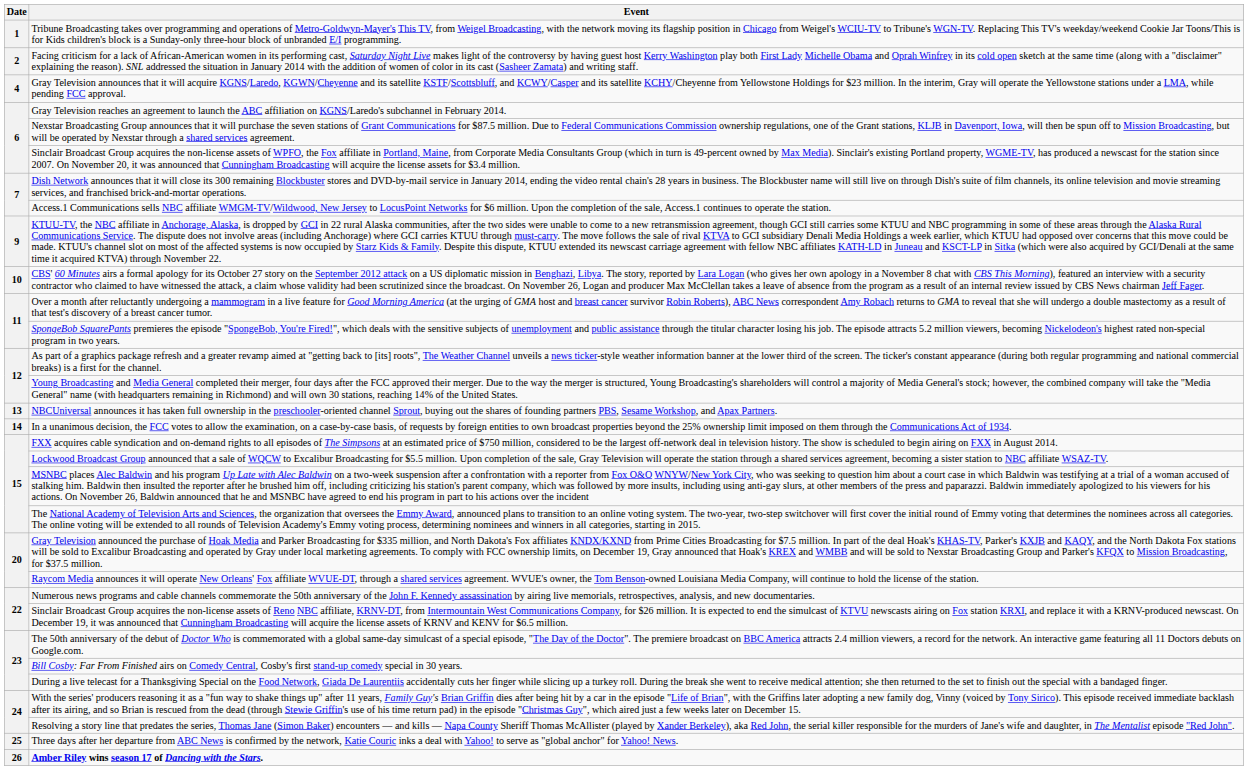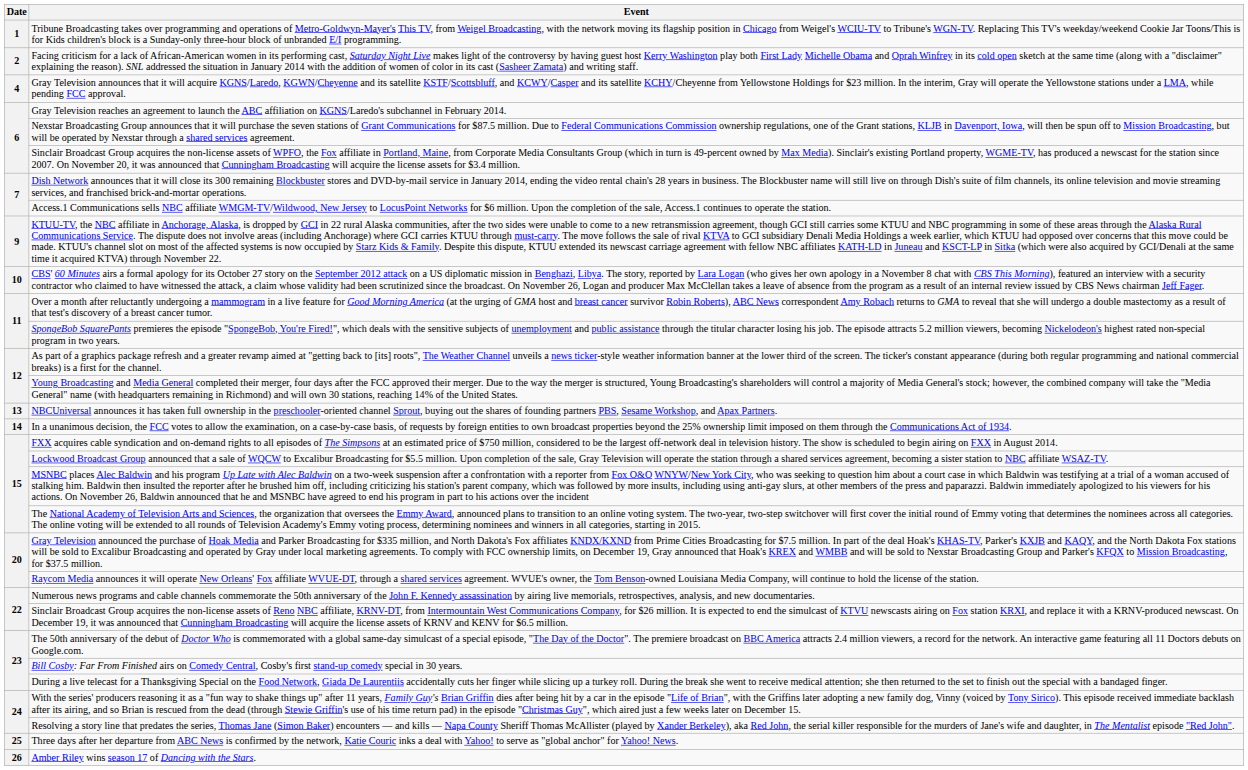 <table class="wikitable">
 <tr>
 <th>Date</th>
 <th>Event</th>
 </tr>
 <tr>
 <th>1</th>
 <td>Tribune Broadcasting takes over programming and operations of <a href='#'>Metro-Goldwyn-Mayer's</a> <a href='#'>This TV</a>, from <a href='#'>Weigel Broadcasting</a>, with the network moving its flagship position in <a href='#'>Chicago</a> from Weigel's <a href='#'>WCIU-TV</a> to Tribune's <a href='#'>WGN-TV</a>. Replacing This TV's weekday/weekend Cookie Jar Toons/This is for Kids children's block is a Sunday-only three-hour block of unbranded <a href='#'>E/I</a> programming.</td>
 </tr>
 <tr>
 <th>2</th>
 <td>Facing criticism for a lack of African-American women in its performing cast, <em><a href='#'>Saturday Night Live</a></em> makes light of the controversy by having guest host <a href='#'>Kerry Washington</a> play both <a href='#'>First Lady</a> <a href='#'>Michelle Obama</a> and <a href='#'>Oprah Winfrey</a> in its <a href='#'>cold open</a> sketch at the same time (along with a "disclaimer" explaining the reason). <em>SNL</em> addressed the situation in January 2014 with the addition of women of color in its cast (<a href='#'>Sasheer Zamata</a>) and writing staff.</td>
 </tr>
 <tr>
 <th>4</th>
 <td>Gray Television announces that it will acquire <a href='#'>KGNS</a>/<a href='#'>Laredo</a>, <a href='#'>KGWN</a>/<a href='#'>Cheyenne</a> and its satellite <a href='#'>KSTF</a>/<a href='#'>Scottsbluff</a>, and <a href='#'>KCWY</a>/<a href='#'>Casper</a> and its satellite <a href='#'>KCHY</a>/Cheyenne from Yellowstone Holdings for $23 million. In the interim, Gray will operate the Yellowstone stations under a <a href='#'>LMA</a>, while pending <a href='#'>FCC</a> approval.</td>
 </tr>
 <tr>
 <th rowspan=3>6</th>
 <td>Gray Television reaches an agreement to launch the <a href='#'>ABC</a> affiliation on <a href='#'>KGNS</a>/Laredo's subchannel in February 2014.</td>
 </tr>
 <tr>
 <td>Nexstar Broadcasting Group announces that it will purchase the seven stations of <a href='#'>Grant Communications</a> for $87.5 million. Due to <a href='#'>Federal Communications Commission</a> ownership regulations, one of the Grant stations, <a href='#'>KLJB</a> in <a href='#'>Davenport, Iowa</a>, will then be spun off to <a href='#'>Mission Broadcasting</a>, but will be operated by Nexstar through a <a href='#'>shared services</a> agreement.</td>
 </tr>
 <tr>
 <td>Sinclair Broadcast Group acquires the non-license assets of <a href='#'>WPFO</a>, the <a href='#'>Fox</a> affiliate in <a href='#'>Portland, Maine</a>, from Corporate Media Consultants Group (which in turn is 49-percent owned by <a href='#'>Max Media</a>). Sinclair's existing Portland property, <a href='#'>WGME-TV</a>, has produced a newscast for the station since 2007. On November 20, it was announced that <a href='#'>Cunningham Broadcasting</a> will acquire the license assets for $3.4 million.</td>
 </tr>
 <tr>
 <th rowspan=2>7</th>
 <td><a href='#'>Dish Network</a> announces that it will close its 300 remaining <a href='#'>Blockbuster</a> stores and DVD-by-mail service in January 2014, ending the video rental chain's 28 years in business. The Blockbuster name will still live on through Dish's suite of film channels, its online television and movie streaming services, and franchised brick-and-mortar operations.</td>
 </tr>
 <tr>
 <td>Access.1 Communications sells <a href='#'>NBC</a> affiliate <a href='#'>WMGM-TV</a>/<a href='#'>Wildwood, New Jersey</a> to <a href='#'>LocusPoint Networks</a> for $6 million. Upon the completion of the sale, Access.1 continues to operate the station.</td>
 </tr>
 <tr>
 <th>9</th>
 <td><a href='#'>KTUU-TV</a>, the <a href='#'>NBC</a> affiliate in <a href='#'>Anchorage, Alaska</a>, is dropped by <a href='#'>GCI</a> in 22 rural Alaska communities, after the two sides were unable to come to a new retransmission agreement, though GCI still carries some KTUU and NBC programming in some of these areas through the <a href='#'>Alaska Rural Communications Service</a>. The dispute does not involve areas (including Anchorage) where GCI carries KTUU through <a href='#'>must-carry</a>. The move follows the sale of rival <a href='#'>KTVA</a> to GCI subsidiary Denali Media Holdings a week earlier, which KTUU had opposed over concerns that this move could be made. KTUU's channel slot on most of the affected systems is now occupied by <a href='#'>Starz Kids & Family</a>. Despite this dispute, KTUU extended its newscast carriage agreement with fellow NBC affiliates <a href='#'>KATH-LD</a> in <a href='#'>Juneau</a> and <a href='#'>KSCT-LP</a> in <a href='#'>Sitka</a> (which were also acquired by GCI/Denali at the same time it acquired KTVA) through November 22.</td>
 </tr>
 <tr>
 <th>10</th>
 <td><a href='#'>CBS</a>' <em><a href='#'>60 Minutes</a></em> airs a formal apology for its October 27 story on the <a href='#'>September 2012 attack</a> on a US diplomatic mission in <a href='#'>Benghazi</a>, <a href='#'>Libya</a>. The story, reported by <a href='#'>Lara Logan</a> (who gives her own apology in a November 8 chat with <em><a href='#'>CBS This Morning</a></em>), featured an interview with a security contractor who claimed to have witnessed the attack, a claim whose validity had been scrutinized since the broadcast. On November 26, Logan and producer Max McClellan takes a leave of absence from the program as a result of an internal review issued by CBS News chairman <a href='#'>Jeff Fager</a>.</td>
 </tr>
 <tr>
 <th rowspan=2>11</th>
 <td>Over a month after reluctantly undergoing a <a href='#'>mammogram</a> in a live feature for <em><a href='#'>Good Morning America</a></em> (at the urging of <em>GMA</em> host and <a href='#'>breast cancer</a> survivor <a href='#'>Robin Roberts</a>), <a href='#'>ABC News</a> correspondent <a href='#'>Amy Robach</a> returns to <em>GMA</em> to reveal that she will undergo a double mastectomy as a result of that test's discovery of a breast cancer tumor.</td>
 </tr>
 <tr>
 <td><em><a href='#'>SpongeBob SquarePants</a></em> premieres the episode "<a href='#'>SpongeBob, You're Fired!</a>", which deals with the sensitive subjects of <a href='#'>unemployment</a> and <a href='#'>public assistance</a> through the titular character losing his job. The episode attracts 5.2 million viewers, becoming <a href='#'>Nickelodeon's</a> highest rated non-special program in two years.</td>
 </tr>
 <tr>
 <th rowspan=2>12</th>
 <td>As part of a graphics package refresh and a greater revamp aimed at "getting back to [its] roots", <a href='#'>The Weather Channel</a> unveils a <a href='#'>news ticker</a>-style weather information banner at the lower third of the screen. The ticker's constant appearance (during both regular programming and national commercial breaks) is a first for the channel.</td>
 </tr>
 <tr>
 <td><a href='#'>Young Broadcasting</a> and <a href='#'>Media General</a> completed their merger, four days after the FCC approved their merger. Due to the way the merger is structured, Young Broadcasting's shareholders will control a majority of Media General's stock; however, the combined company will take the "Media General" name (with headquarters remaining in Richmond) and will own 30 stations, reaching 14% of the United States.</td>
 </tr>
 <tr>
 <th>13</th>
 <td><a href='#'>NBCUniversal</a> announces it has taken full ownership in the <a href='#'>preschooler</a>-oriented channel <a href='#'>Sprout</a>, buying out the shares of founding partners <a href='#'>PBS</a>, <a href='#'>Sesame Workshop</a>, and <a href='#'>Apax Partners</a>.</td>
 </tr>
 <tr>
 <th>14</th>
 <td>In a unanimous decision, the <a href='#'>FCC</a> votes to allow the examination, on a case-by-case basis, of requests by foreign entities to own broadcast properties beyond the 25% ownership limit imposed on them through the <a href='#'>Communications Act of 1934</a>.</td>
 </tr>
 <tr>
 <th rowspan="4">15</th>
 <td><a href='#'>FXX</a> acquires cable syndication and on-demand rights to all episodes of <em><a href='#'>The Simpsons</a></em> at an estimated price of $750 million, considered to be the largest off-network deal in television history. The show is scheduled to begin airing on <a href='#'>FXX</a> in August 2014.</td>
 </tr>
 <tr>
 <td><a href='#'>Lockwood Broadcast Group</a> announced that a sale of <a href='#'>WQCW</a> to Excalibur Broadcasting for $5.5 million. Upon completion of the sale, Gray Television will operate the station through a shared services agreement, becoming a sister station to <a href='#'>NBC</a> affiliate <a href='#'>WSAZ-TV</a>.</td>
 </tr>
 <tr>
 <td><a href='#'>MSNBC</a> places <a href='#'>Alec Baldwin</a> and his program <em><a href='#'>Up Late with Alec Baldwin</a></em> on a two-week suspension after a confrontation with a reporter from <a href='#'>Fox O&O</a> <a href='#'>WNYW</a>/<a href='#'>New York City</a>, who was seeking to question him about a court case in which Baldwin was testifying at a trial of a woman accused of stalking him. Baldwin then insulted the reporter after he brushed him off, including criticizing his station's parent company, which was followed by more insults, including using anti-gay slurs, at other members of the press and paparazzi. Baldwin immediately apologized to his viewers for his actions. On November 26, Baldwin announced that he and MSNBC have agreed to end his program in part to his actions over the incident</td>
 </tr>
 <tr>
 <td>The <a href='#'>National Academy of Television Arts and Sciences</a>, the organization that oversees the <a href='#'>Emmy Award</a>, announced plans to transition to an online voting system. The two-year, two-step switchover will first cover the initial round of Emmy voting that determines the nominees across all categories. The online voting will be extended to all rounds of Television Academy's Emmy voting process, determining nominees and winners in all categories, starting in 2015.</td>
 </tr>
 <tr>
 <th rowspan="2">20</th>
 <td><a href='#'>Gray Television</a> announced the purchase of <a href='#'>Hoak Media</a> and Parker Broadcasting for $335 million, and North Dakota's Fox affiliates <a href='#'>KNDX/KXND</a> from Prime Cities Broadcasting for $7.5 million. In part of the deal Hoak's <a href='#'>KHAS-TV</a>, Parker's <a href='#'>KXJB</a> and <a href='#'>KAQY</a>, and the North Dakota Fox stations will be sold to Excalibur Broadcasting and operated by Gray under local marketing agreements. To comply with FCC ownership limits, on December 19, Gray announced that Hoak's <a href='#'>KREX</a> and <a href='#'>WMBB</a> and will be sold to Nexstar Broadcasting Group and Parker's <a href='#'>KFQX</a> to <a href='#'>Mission Broadcasting</a>, for $37.5 million.</td>
 </tr>
 <tr>
 <td><a href='#'>Raycom Media</a> announces it will operate <a href='#'>New Orleans</a>' <a href='#'>Fox</a> affiliate <a href='#'>WVUE-DT</a>, through a <a href='#'>shared services</a> agreement. WVUE's owner, the <a href='#'>Tom Benson</a>-owned Louisiana Media Company, will continue to hold the license of the station.</td>
 </tr>
 <tr>
 <th rowspan="2">22</th>
 <td>Numerous news programs and cable channels commemorate the 50th anniversary of the <a href='#'>John F. Kennedy assassination</a> by airing live memorials, retrospectives, analysis, and new documentaries.</td>
 </tr>
 <tr>
 <td>Sinclair Broadcast Group acquires the non-license assets of <a href='#'>Reno</a> <a href='#'>NBC</a> affiliate, <a href='#'>KRNV-DT</a>, from <a href='#'>Intermountain West Communications Company</a>, for $26 million. It is expected to end the simulcast of <a href='#'>KTVU</a> newscasts airing on <a href='#'>Fox</a> station <a href='#'>KRXI</a>, and replace it with a KRNV-produced newscast. On December 19, it was announced that <a href='#'>Cunningham Broadcasting</a> will acquire the license assets of KRNV and KENV for $6.5 million.</td>
 </tr>
 <tr>
 <th rowspan=3>23</th>
 <td>The 50th anniversary of the debut of <em><a href='#'>Doctor Who</a></em> is commemorated with a global same-day simulcast of a special episode, "<a href='#'>The Day of the Doctor</a>". The premiere broadcast on <a href='#'>BBC America</a> attracts 2.4 million viewers, a record for the network. An interactive game featuring all 11 Doctors debuts on Google.com.</td>
 </tr>
 <tr>
 <td><em><a href='#'>Bill Cosby</a>: Far From Finished</em> airs on <a href='#'>Comedy Central</a>, Cosby's first <a href='#'>stand-up comedy</a> special in 30 years.</td>
 </tr>
 <tr>
 <td>During a live telecast for a Thanksgiving Special on the <a href='#'>Food Network</a>, <a href='#'>Giada De Laurentiis</a> accidentally cuts her finger while slicing up a turkey roll. During the break she went to receive medical attention; she then returned to the set to finish out the special with a bandaged finger.</td>
 </tr>
 <tr>
 <th rowspan=2>24</th>
 <td>With the series' producers reasoning it as a "fun way to shake things up" after 11 years, <em><a href='#'>Family Guy</a>'s</em> <a href='#'>Brian Griffin</a> dies after being hit by a car in the episode "<a href='#'>Life of Brian</a>", with the Griffins later adopting a new family dog, Vinny (voiced by <a href='#'>Tony Sirico</a>). This episode received immediate backlash after its airing, and so Brian is rescued from the dead (through <a href='#'>Stewie Griffin</a>'s use of his time return pad) in the episode "<a href='#'>Christmas Guy</a>", which aired just a few weeks later on December 15.</td>
 </tr>
 <tr>
 <td>Resolving a story line that predates the series, <a href='#'>Thomas Jane</a> (<a href='#'>Simon Baker</a>) encounters — and kills — <a href='#'>Napa County</a> Sheriff Thomas McAllister (played by <a href='#'>Xander Berkeley</a>), aka <a href='#'>Red John</a>, the serial killer responsible for the murders of Jane's wife and daughter, in <em><a href='#'>The Mentalist</a></em> episode <a href='#'>"Red John"</a>.</td>
 </tr>
 <tr>
 <th>25</th>
 <td>Three days after her departure from <a href='#'>ABC News</a> is confirmed by the network, <a href='#'>Katie Couric</a> inks a deal with <a href='#'>Yahoo!</a> to serve as "global anchor" for <a href='#'>Yahoo! News</a>.</td>
 </tr>
 <tr>
 <th>26</th>
-<td><strong><a href='#'>Amber Riley</a> wins <a href='#'>season 17</a> of <em><a href='#'>Dancing with the Stars</a></em>.</strong></td>
+<td><a href='#'>Amber Riley</a> wins <a href='#'>season 17</a> of <em><a href='#'>Dancing with the Stars</a></em>.</td>
 </tr>
 </table>
